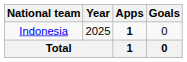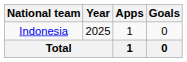 <table class="wikitable" style="text-align:center">
 <tr>
 <th>National team</th>
 <th>Year</th>
 <th>Apps</th>
 <th>Goals</th>
 </tr>
 <tr>
 <td><a href='#'>Indonesia</a></td>
 <td>2025</td>
-<td><strong>1</strong></td>
+<td>1</td>
 <td>0</td>
 </tr>
 <tr>
 <th colspan="2">Total</th>
 <th>1</th>
 <th>0</th>
 </tr>
 </table>
